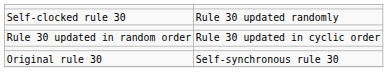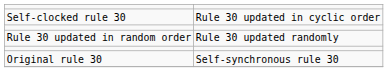 <table class="wikitable">
 <tr>
 <td></td>
 <td></td>
 </tr>
 <tr>
 <td>Self-clocked rule 30</td>
-<td>Rule 30 updated randomly</td>
+<td>Rule 30 updated in cyclic order</td>
 </tr>
 <tr>
 <td></td>
 <td></td>
 </tr>
 <tr>
 <td>Rule 30 updated in random order</td>
-<td>Rule 30 updated in cyclic order</td>
+<td>Rule 30 updated randomly</td>
 </tr>
 <tr>
 <td></td>
 <td></td>
 </tr>
 <tr>
 <td>Original rule 30</td>
 <td>Self-synchronous rule 30</td>
 </tr>
 <tr>
 </tr>
 </table>
